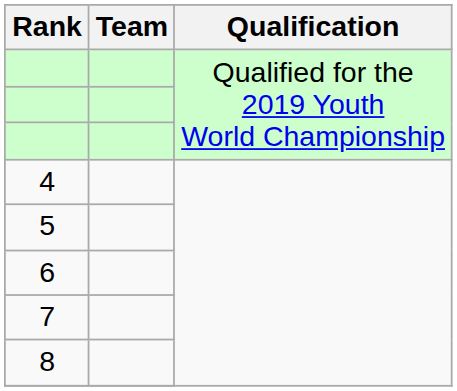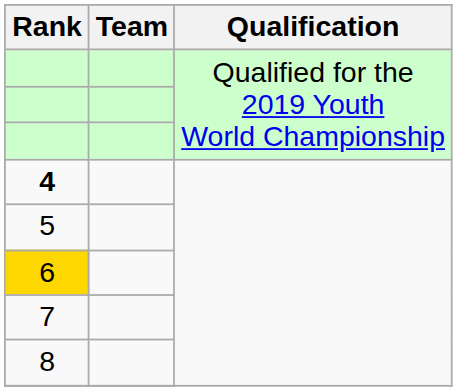 <table class="wikitable" style="text-align: center;">
 <tr>
 <th width=40>Rank</th>
 <th>Team</th>
 <th>Qualification</th>
 </tr>
 <tr bgcolor=#ccffcc>
 <td></td>
 <td align="left"></td>
 <td rowspan=3>Qualified for the<br><a href='#'>2019 Youth<br>World Championship</a></td>
 </tr>
 <tr bgcolor=#ccffcc>
 <td></td>
 <td align="left"></td>
 </tr>
 <tr bgcolor=#ccffcc>
 <td></td>
 <td align=left></td>
 </tr>
 <tr>
-<td>4</td>
+<td><strong>4</strong></td>
 <td align=left></td>
 </tr>
 <tr>
 <td>5</td>
 <td align=left></td>
 </tr>
 <tr>
-<td>6</td>
+<td style="background: gold;">6</td>
 <td align=left></td>
 </tr>
 <tr>
 <td>7</td>
 <td align=left></td>
 </tr>
 <tr>
 <td>8</td>
 <td align=left></td>
 </tr>
 <tr>
 </tr>
 </table>
